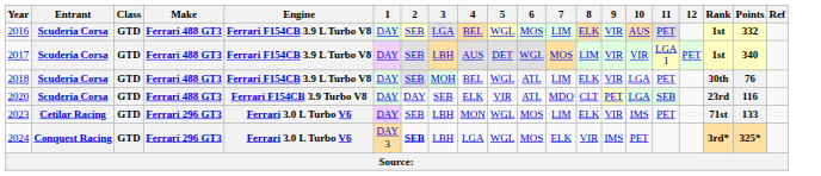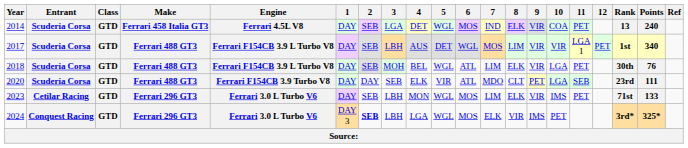 <table class="wikitable" style="text-align:center; font-size:90%">
 <tr>
 <th>Year</th>
 <th>Entrant</th>
 <th>Class</th>
 <th>Make</th>
 <th>Engine</th>
 <th>1</th>
 <th>2</th>
 <th>3</th>
 <th>4</th>
 <th>5</th>
 <th>6</th>
 <th>7</th>
 <th>8</th>
 <th>9</th>
 <th>10</th>
 <th>11</th>
 <th>12</th>
 <th>Rank</th>
 <th>Points</th>
 <th>Ref</th>
 </tr>
 <tr>
-<td><a href='#'>2016</a></td>
+<td><a href='#'>2014</a></td>
 <th><a href='#'>Scuderia Corsa</a></th>
 <th>GTD</th>
-<th><a href='#'>Ferrari 488 GT3</a></th>
-<th><a href='#'>Ferrari F154CB</a> 3.9 L Turbo V8</th>
+<th><a href='#'>Ferrari 458 Italia GT3</a></th>
+<th><a href='#'>Ferrari</a> 4.5L V8</th>
 <td style="background:#DFFFDF;"><a href='#'>DAY</a><br></td>
-<td style="background:#FFFFBF;"><a href='#'>SEB</a><br></td>
-<td style="background:#DFDFDF;"><a href='#'>LGA</a><br></td>
-<td style="background:#FFDF9F;"><a href='#'>BEL</a><br></td>
-<td style="background:#FFFFBF;"><a href='#'>WGL</a><br></td>
-<td style="background:#DFFFDF;"><a href='#'>MOS</a><br></td>
-<td style="background:#DFFFDF;"><a href='#'>LIM</a><br></td>
-<td style="background:#FFDF9F;"><a href='#'>ELK</a><br></td>
-<td style="background:#DFFFDF;"><a href='#'>VIR</a><br></td>
-<td style="background:#FFDF9F;"><a href='#'>AUS</a><br></td>
-<td style="background:#DFDFDF;"><a href='#'>PET</a><br></td>
+<td style="background:#EFCFFF;"><a href='#'>SEB</a> <br></td>
+<td style="background:#DFFFDF;"><a href='#'>LGA</a> <br></td>
+<td style="background:#FFFFBF;”"><a href='#'>DET</a> <br></td>
+<td style="background:#DFFFDF;"><a href='#'>WGL</a> <br></td>
+<td style="background:#EFCFFF;"><a href='#'>MOS</a> <br></td>
+<td style="background:#FFFFBF;”"><a href='#'>IND</a> <br></td>
+<td style="background:#EFCFFF;"><a href='#'>ELK</a><br></td>
+<td style="background:#DFDFDF;”"><a href='#'>VIR</a> <br></td>
+<td style="background:#DFFFDF;"><a href='#'>COA</a><br></td>
+<td style="background:#DFFFDF;"><a href='#'>PET</a><br></td>
 <td></td>
-<th style="background:#FFFFBF;">1st</th>
-<th style="background:#FFFFBF;">332</th>
+<th>13</th>
+<th>240</th>
 <td></td>
 </tr>
 <tr>
 <td><a href='#'>2017</a></td>
 <th><a href='#'>Scuderia Corsa</a></th>
 <th>GTD</th>
 <th><a href='#'>Ferrari 488 GT3</a></th>
 <th><a href='#'>Ferrari F154CB</a> 3.9 L Turbo V8</th>
 <td style="background:#EFCFFF;"><a href='#'>DAY</a><br></td>
 <td style="background:#DFDFDF;"><a href='#'>SEB</a><br></td>
 <td style="background:#FFDF9F;"><a href='#'>LBH</a><br></td>
 <td style="background:#DFDFDF;"><a href='#'>AUS</a><br></td>
 <td style="background:#DFDFDF;"><a href='#'>DET</a><br></td>
 <td style="background:#DFDFDF;"><a href='#'>WGL</a><br></td>
 <td style="background:#FFDF9F;"><a href='#'>MOS</a><br></td>
 <td style="background:#DFFFDF;"><a href='#'>LIM</a><br></td>
 <td style="background:#DFFFDF;"><a href='#'>VIR</a><br></td>
 <td style="background:#DFFFDF;"><a href='#'>VIR</a><br></td>
 <td style="background:#FFFFBF;"><a href='#'>LGA</a><br>1<small></small></td>
 <td style="background:#DFFFDF;"><a href='#'>PET</a><br></td>
 <th style="background:#FFFFBF;">1st</th>
 <th style="background:#FFFFBF;">340</th>
 <td></td>
 </tr>
 <tr>
 <td><a href='#'>2018</a></td>
 <th><a href='#'>Scuderia Corsa</a></th>
 <th>GTD</th>
 <th><a href='#'>Ferrari 488 GT3</a></th>
 <th><a href='#'>Ferrari F154CB</a> 3.9 L Turbo V8</th>
 <td style="background:#DFFFDF;"><a href='#'>DAY</a><br></td>
 <td style="background:#DFDFDF;"><a href='#'>SEB</a><br></td>
 <td style="background:#DFFFDF;"><a href='#'>MOH</a><br></td>
 <td style="background:#;"><a href='#'>BEL</a><br></td>
 <td style="background:#;"><a href='#'>WGL</a><br></td>
 <td style="background:#;"><a href='#'>ATL</a><br></td>
 <td style="background:#;"><a href='#'>LIM</a><br></td>
 <td style="background:#;"><a href='#'>ELK</a><br></td>
 <td style="background:#;"><a href='#'>VIR</a><br></td>
 <td style="background:#;"><a href='#'>LGA</a><br></td>
 <td style="background:#;"><a href='#'>PET</a><br></td>
 <td></td>
 <th>30th</th>
 <th>76</th>
 <td></td>
 </tr>
 <tr>
 <td><a href='#'>2020</a></td>
 <th><a href='#'>Scuderia Corsa</a></th>
 <th>GTD</th>
 <th><a href='#'>Ferrari 488 GT3</a></th>
 <th><a href='#'>Ferrari F154CB</a> 3.9 Turbo V8</th>
 <td style="background:#DFFFDF;"><a href='#'>DAY</a><br></td>
 <td style="background:#;"><a href='#'>DAY</a><br></td>
 <td style="background:#;"><a href='#'>SEB</a><br></td>
 <td style="background:#;"><a href='#'>ELK</a><br></td>
 <td style="background:#;"><a href='#'>VIR</a><br></td>
 <td style="background:#;"><a href='#'>ATL</a><br></td>
 <td style="background:#;"><a href='#'>MDO</a><br></td>
 <td style="background:#;"><a href='#'>CLT</a><br></td>
 <td style="background:#FFFFBF;"><a href='#'>PET</a><br></td>
 <td style="background:#DFFFDF;"><a href='#'>LGA</a><br></td>
 <td style="background:#DFFFDF;"><a href='#'>SEB</a><br></td>
 <td></td>
 <th>23rd</th>
-<th>116</th>
+<th>111</th>
 <td></td>
 </tr>
 <tr>
 <td><a href='#'>2023</a></td>
 <th><a href='#'>Cetilar Racing</a></th>
 <th>GTD</th>
 <th><a href='#'>Ferrari 296 GT3</a></th>
 <th><a href='#'>Ferrari</a> 3.0 L Turbo <a href='#'>V6</a></th>
 <td style="background:#EFCFFF;"><a href='#'>DAY</a><br></td>
 <td><a href='#'>SEB</a><br></td>
 <td><a href='#'>LBH</a><br></td>
 <td><a href='#'>MON</a><br></td>
 <td><a href='#'>WGL</a><br></td>
 <td><a href='#'>MOS</a><br></td>
 <td><a href='#'>LIM</a><br></td>
 <td><a href='#'>ELK</a><br></td>
 <td><a href='#'>VIR</a><br></td>
 <td><a href='#'>IMS</a></td>
 <td><a href='#'>PET</a><br></td>
 <td></td>
 <th>71st</th>
 <th>133</th>
 <td></td>
 </tr>
 <tr>
 <td><a href='#'>2024</a></td>
 <th><a href='#'>Conquest Racing</a></th>
 <th>GTD</th>
 <th><a href='#'>Ferrari 296 GT3</a></th>
 <th><a href='#'>Ferrari</a> 3.0 L Turbo <a href='#'>V6</a></th>
 <td style="background:#FFDF9F;”"><a href='#'>DAY</a><br>3</td>
 <td><strong><a href='#'>SEB</a></strong></td>
 <td><a href='#'>LBH</a></td>
 <td><a href='#'>LGA</a></td>
 <td><a href='#'>WGL</a></td>
 <td><a href='#'>MOS</a></td>
 <td><a href='#'>ELK</a></td>
 <td><a href='#'>VIR</a></td>
 <td><a href='#'>IMS</a></td>
 <td><a href='#'>PET</a></td>
 <td></td>
 <td></td>
 <th style="background:#FFDF9F;”">3rd*</th>
 <th style="background:#FFDF9F;”">325*</th>
 <td></td>
 </tr>
 <tr>
 <th colspan="20">Source:</th>
 </tr>
 </table>
